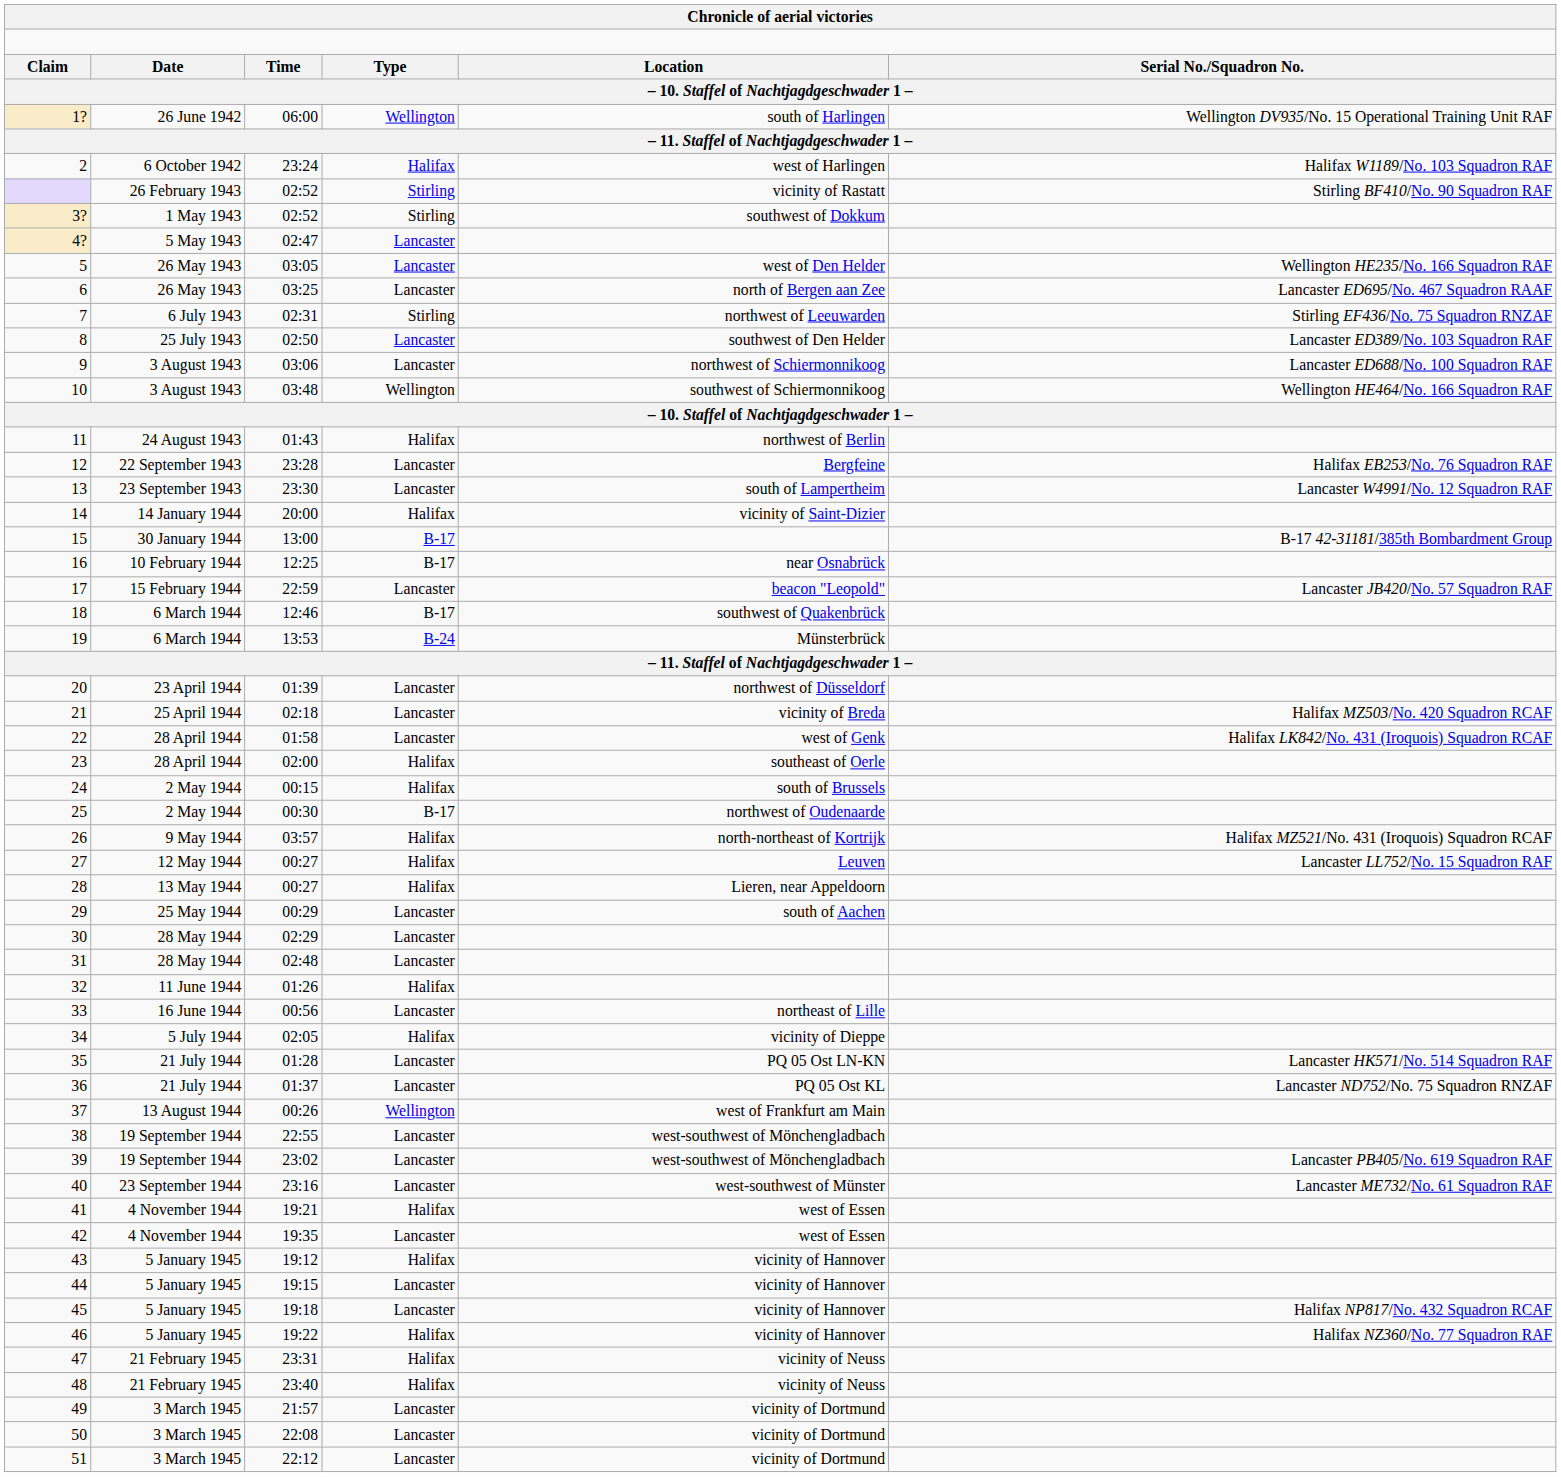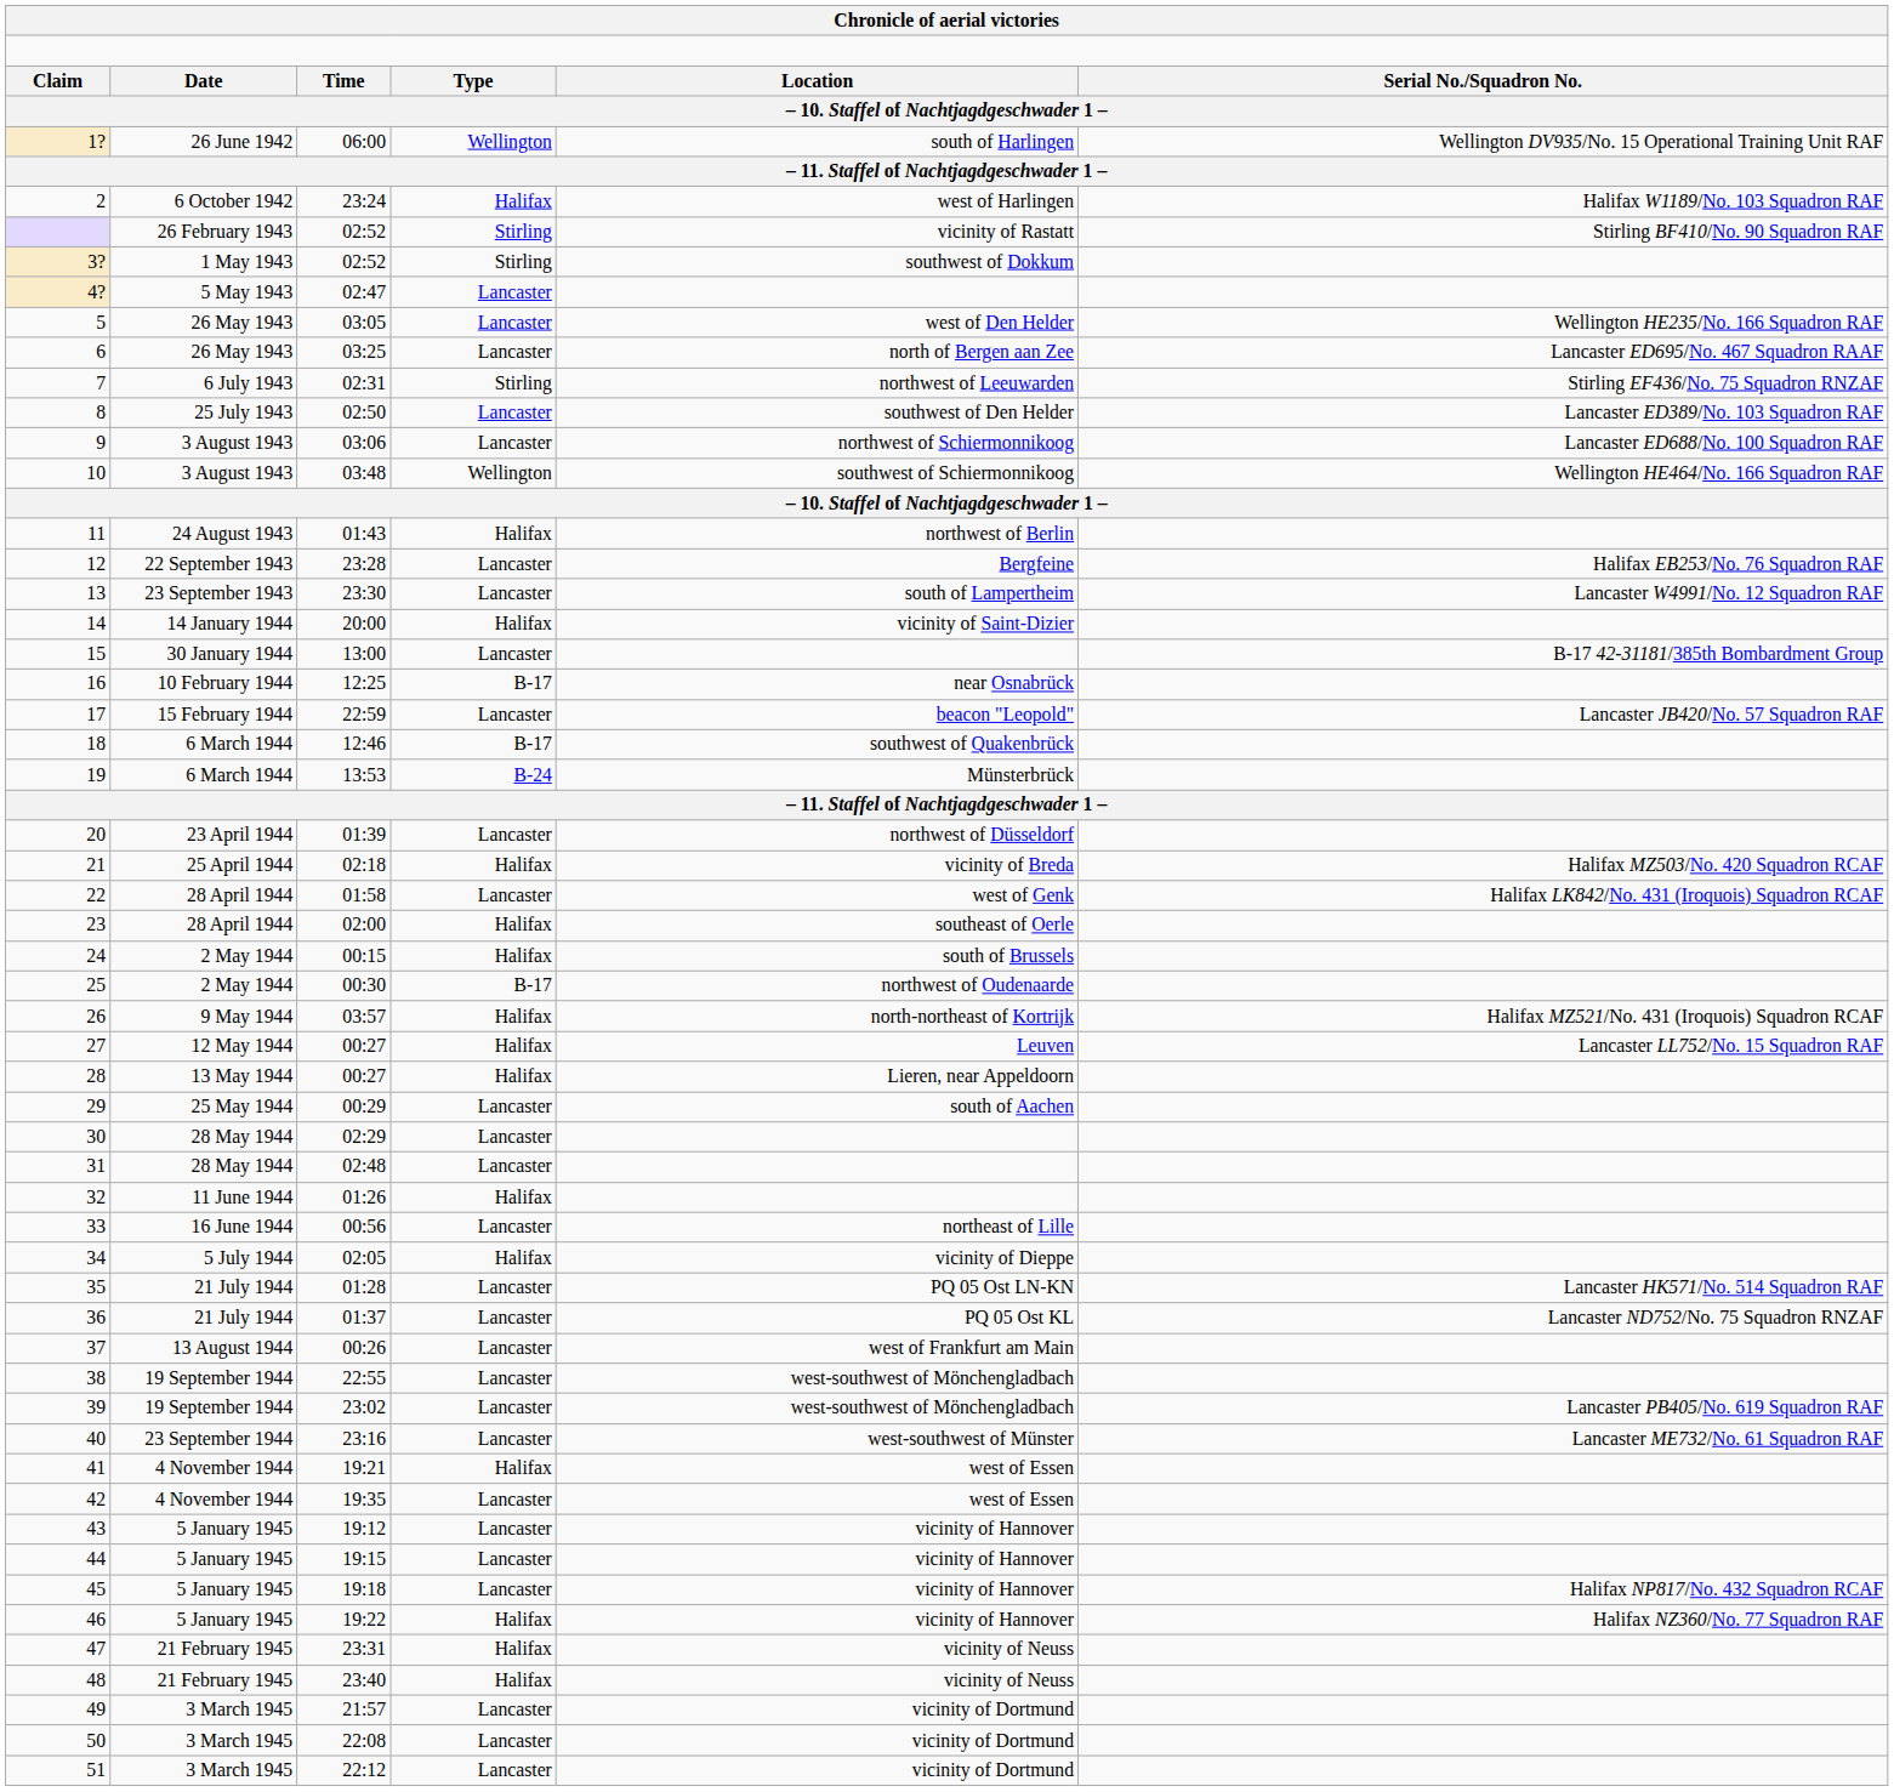 <table class="wikitable plainrowheaders collapsible" style="margin-left: auto; margin-right: auto; border: none; text-align:right; width: 100%;">
 <tr>
 <th colspan="6">Chronicle of aerial victories</th>
 </tr>
 <tr>
 <td colspan="6" style="text-align: left;"><br> </td>
 </tr>
 <tr>
 <th scope="col">Claim</th>
 <th scope="col" style="width:150px">Date</th>
 <th scope="col">Time</th>
 <th scope="col">Type</th>
 <th scope="col">Location</th>
 <th scope="col">Serial No./Squadron No.</th>
 </tr>
 <tr>
 <th colspan="6">– 10. <em>Staffel</em> of <em>Nachtjagdgeschwader</em> 1 –</th>
 </tr>
 <tr>
 <td style="background:#faecc8">1?</td>
 <td>26 June 1942</td>
 <td>06:00</td>
 <td><a href='#'>Wellington</a></td>
 <td>south of <a href='#'>Harlingen</a></td>
 <td>Wellington <em>DV935</em>/No. 15 Operational Training Unit RAF</td>
 </tr>
 <tr>
 <th colspan="6">– 11. <em>Staffel</em> of <em>Nachtjagdgeschwader</em> 1 –</th>
 </tr>
 <tr>
 <td>2</td>
 <td>6 October 1942</td>
 <td>23:24</td>
 <td><a href='#'>Halifax</a></td>
 <td> west of Harlingen</td>
 <td>Halifax <em>W1189</em>/<a href='#'>No. 103 Squadron RAF</a></td>
 </tr>
 <tr>
 <td style="background:#e3d9ff;"></td>
 <td>26 February 1943</td>
 <td>02:52</td>
 <td><a href='#'>Stirling</a></td>
 <td>vicinity of Rastatt</td>
 <td>Stirling <em>BF410</em>/<a href='#'>No. 90 Squadron RAF</a></td>
 </tr>
 <tr>
 <td style="background:#faecc8">3?</td>
 <td>1 May 1943</td>
 <td>02:52</td>
 <td>Stirling</td>
 <td> southwest of <a href='#'>Dokkum</a></td>
 <td></td>
 </tr>
 <tr>
 <td style="background:#faecc8">4?</td>
 <td>5 May 1943</td>
 <td>02:47</td>
 <td><a href='#'>Lancaster</a></td>
 <td></td>
 <td></td>
 </tr>
 <tr>
 <td>5</td>
 <td>26 May 1943</td>
 <td>03:05</td>
 <td><a href='#'>Lancaster</a></td>
 <td> west of <a href='#'>Den Helder</a></td>
 <td>Wellington <em>HE235</em>/<a href='#'>No. 166 Squadron RAF</a></td>
 </tr>
 <tr>
 <td>6</td>
 <td>26 May 1943</td>
 <td>03:25</td>
 <td>Lancaster</td>
 <td> north of <a href='#'>Bergen aan Zee</a></td>
 <td>Lancaster <em>ED695</em>/<a href='#'>No. 467 Squadron RAAF</a></td>
 </tr>
 <tr>
 <td>7</td>
 <td>6 July 1943</td>
 <td>02:31</td>
 <td>Stirling</td>
 <td> northwest of <a href='#'>Leeuwarden</a></td>
 <td>Stirling <em>EF436</em>/<a href='#'>No. 75 Squadron RNZAF</a></td>
 </tr>
 <tr>
 <td>8</td>
 <td>25 July 1943</td>
 <td>02:50</td>
 <td><a href='#'>Lancaster</a></td>
 <td> southwest of Den Helder</td>
 <td>Lancaster <em>ED389</em>/<a href='#'>No. 103 Squadron RAF</a></td>
 </tr>
 <tr>
 <td>9</td>
 <td>3 August 1943</td>
 <td>03:06</td>
 <td>Lancaster</td>
 <td> northwest of <a href='#'>Schiermonnikoog</a></td>
 <td>Lancaster <em>ED688</em>/<a href='#'>No. 100 Squadron RAF</a></td>
 </tr>
 <tr>
 <td>10</td>
 <td>3 August 1943</td>
 <td>03:48</td>
 <td>Wellington</td>
 <td> southwest of Schiermonnikoog</td>
 <td>Wellington <em>HE464</em>/<a href='#'>No. 166 Squadron RAF</a></td>
 </tr>
 <tr>
 <th colspan="6">– 10. <em>Staffel</em> of <em>Nachtjagdgeschwader</em> 1 –</th>
 </tr>
 <tr>
 <td>11</td>
 <td>24 August 1943</td>
 <td>01:43</td>
 <td>Halifax</td>
 <td>northwest of <a href='#'>Berlin</a></td>
 <td></td>
 </tr>
 <tr>
 <td>12</td>
 <td>22 September 1943</td>
 <td>23:28</td>
 <td>Lancaster</td>
 <td><a href='#'>Bergfeine</a></td>
 <td>Halifax <em>EB253</em>/<a href='#'>No. 76 Squadron RAF</a></td>
 </tr>
 <tr>
 <td>13</td>
 <td>23 September 1943</td>
 <td>23:30</td>
 <td>Lancaster</td>
 <td> south of <a href='#'>Lampertheim</a></td>
 <td>Lancaster <em>W4991</em>/<a href='#'>No. 12 Squadron RAF</a></td>
 </tr>
 <tr>
 <td>14</td>
 <td>14 January 1944</td>
 <td>20:00</td>
 <td>Halifax</td>
 <td>vicinity of <a href='#'>Saint-Dizier</a></td>
 <td></td>
 </tr>
 <tr>
 <td>15</td>
 <td>30 January 1944</td>
 <td>13:00</td>
-<td><a href='#'>B-17</a></td>
+<td>Lancaster</td>
 <td></td>
 <td>B-17 <em>42-31181</em>/<a href='#'>385th Bombardment Group</a></td>
 </tr>
 <tr>
 <td>16</td>
 <td>10 February 1944</td>
 <td>12:25</td>
 <td>B-17</td>
 <td>near <a href='#'>Osnabrück</a></td>
 <td></td>
 </tr>
 <tr>
 <td>17</td>
 <td>15 February 1944</td>
 <td>22:59</td>
 <td>Lancaster</td>
 <td><a href='#'>beacon "Leopold"</a></td>
 <td>Lancaster <em>JB420</em>/<a href='#'>No. 57 Squadron RAF</a></td>
 </tr>
 <tr>
 <td>18</td>
 <td>6 March 1944</td>
 <td>12:46</td>
 <td>B-17</td>
 <td> southwest of <a href='#'>Quakenbrück</a></td>
 <td></td>
 </tr>
 <tr>
 <td>19</td>
 <td>6 March 1944</td>
 <td>13:53</td>
 <td><a href='#'>B-24</a></td>
 <td>Münsterbrück</td>
 <td></td>
 </tr>
 <tr>
 <th colspan="6">– 11. <em>Staffel</em> of <em>Nachtjagdgeschwader</em> 1 –</th>
 </tr>
 <tr>
 <td>20</td>
 <td>23 April 1944</td>
 <td>01:39</td>
 <td>Lancaster</td>
 <td> northwest of <a href='#'>Düsseldorf</a></td>
 <td></td>
 </tr>
 <tr>
 <td>21</td>
 <td>25 April 1944</td>
 <td>02:18</td>
-<td>Lancaster</td>
+<td>Halifax</td>
 <td>vicinity of <a href='#'>Breda</a></td>
 <td>Halifax <em>MZ503</em>/<a href='#'>No. 420 Squadron RCAF</a></td>
 </tr>
 <tr>
 <td>22</td>
 <td>28 April 1944</td>
 <td>01:58</td>
 <td>Lancaster</td>
 <td> west of <a href='#'>Genk</a></td>
 <td>Halifax <em>LK842</em>/<a href='#'>No. 431 (Iroquois) Squadron RCAF</a></td>
 </tr>
 <tr>
 <td>23</td>
 <td>28 April 1944</td>
 <td>02:00</td>
 <td>Halifax</td>
 <td> southeast of <a href='#'>Oerle</a></td>
 <td></td>
 </tr>
 <tr>
 <td>24</td>
 <td>2 May 1944</td>
 <td>00:15</td>
 <td>Halifax</td>
 <td> south of <a href='#'>Brussels</a></td>
 <td></td>
 </tr>
 <tr>
 <td>25</td>
 <td>2 May 1944</td>
 <td>00:30</td>
 <td>B-17</td>
 <td> northwest of <a href='#'>Oudenaarde</a></td>
 <td></td>
 </tr>
 <tr>
 <td>26</td>
 <td>9 May 1944</td>
 <td>03:57</td>
 <td>Halifax</td>
 <td> north-northeast of <a href='#'>Kortrijk</a></td>
 <td>Halifax <em>MZ521</em>/No. 431 (Iroquois) Squadron RCAF</td>
 </tr>
 <tr>
 <td>27</td>
 <td>12 May 1944</td>
 <td>00:27</td>
 <td>Halifax</td>
 <td><a href='#'>Leuven</a></td>
 <td>Lancaster <em>LL752</em>/<a href='#'>No. 15 Squadron RAF</a></td>
 </tr>
 <tr>
 <td>28</td>
 <td>13 May 1944</td>
 <td>00:27</td>
 <td>Halifax</td>
 <td>Lieren, near Appeldoorn</td>
 <td></td>
 </tr>
 <tr>
 <td>29</td>
 <td>25 May 1944</td>
 <td>00:29</td>
 <td>Lancaster</td>
 <td> south of <a href='#'>Aachen</a></td>
 <td></td>
 </tr>
 <tr>
 <td>30</td>
 <td>28 May 1944</td>
 <td>02:29</td>
 <td>Lancaster</td>
 <td></td>
 <td></td>
 </tr>
 <tr>
 <td>31</td>
 <td>28 May 1944</td>
 <td>02:48</td>
 <td>Lancaster</td>
 <td></td>
 <td></td>
 </tr>
 <tr>
 <td>32</td>
 <td>11 June 1944</td>
 <td>01:26</td>
 <td>Halifax</td>
 <td></td>
 <td></td>
 </tr>
 <tr>
 <td>33</td>
 <td>16 June 1944</td>
 <td>00:56</td>
 <td>Lancaster</td>
 <td> northeast of <a href='#'>Lille</a></td>
 <td></td>
 </tr>
 <tr>
 <td>34</td>
 <td>5 July 1944</td>
 <td>02:05</td>
 <td>Halifax</td>
 <td>vicinity of Dieppe</td>
 <td></td>
 </tr>
 <tr>
 <td>35</td>
 <td>21 July 1944</td>
 <td>01:28</td>
 <td>Lancaster</td>
 <td>PQ 05 Ost LN-KN</td>
 <td>Lancaster <em>HK571</em>/<a href='#'>No. 514 Squadron RAF</a></td>
 </tr>
 <tr>
 <td>36</td>
 <td>21 July 1944</td>
 <td>01:37</td>
 <td>Lancaster</td>
 <td>PQ 05 Ost KL</td>
 <td>Lancaster <em>ND752</em>/No. 75 Squadron RNZAF</td>
 </tr>
 <tr>
 <td>37</td>
 <td>13 August 1944</td>
 <td>00:26</td>
-<td><a href='#'>Wellington</a></td>
+<td>Lancaster</td>
 <td>west of Frankfurt am Main</td>
 <td></td>
 </tr>
 <tr>
 <td>38</td>
 <td>19 September 1944</td>
 <td>22:55</td>
 <td>Lancaster</td>
 <td>west-southwest of Mönchengladbach</td>
 <td></td>
 </tr>
 <tr>
 <td>39</td>
 <td>19 September 1944</td>
 <td>23:02</td>
 <td>Lancaster</td>
 <td>west-southwest of Mönchengladbach</td>
 <td>Lancaster <em>PB405</em>/<a href='#'>No. 619 Squadron RAF</a></td>
 </tr>
 <tr>
 <td>40</td>
 <td>23 September 1944</td>
 <td>23:16</td>
 <td>Lancaster</td>
 <td>west-southwest of Münster</td>
 <td>Lancaster <em>ME732</em>/<a href='#'>No. 61 Squadron RAF</a></td>
 </tr>
 <tr>
 <td>41</td>
 <td>4 November 1944</td>
 <td>19:21</td>
 <td>Halifax</td>
 <td>west of Essen</td>
 <td></td>
 </tr>
 <tr>
 <td>42</td>
 <td>4 November 1944</td>
 <td>19:35</td>
 <td>Lancaster</td>
 <td>west of Essen</td>
 <td></td>
 </tr>
 <tr>
 <td>43</td>
 <td>5 January 1945</td>
 <td>19:12</td>
-<td>Halifax</td>
+<td>Lancaster</td>
 <td>vicinity of Hannover</td>
 <td></td>
 </tr>
 <tr>
 <td>44</td>
 <td>5 January 1945</td>
 <td>19:15</td>
 <td>Lancaster</td>
 <td>vicinity of Hannover</td>
 <td></td>
 </tr>
 <tr>
 <td>45</td>
 <td>5 January 1945</td>
 <td>19:18</td>
 <td>Lancaster</td>
 <td>vicinity of Hannover</td>
 <td>Halifax <em>NP817</em>/<a href='#'>No. 432 Squadron RCAF</a></td>
 </tr>
 <tr>
 <td>46</td>
 <td>5 January 1945</td>
 <td>19:22</td>
 <td>Halifax</td>
 <td>vicinity of Hannover</td>
 <td>Halifax <em>NZ360</em>/<a href='#'>No. 77 Squadron RAF</a></td>
 </tr>
 <tr>
 <td>47</td>
 <td>21 February 1945</td>
 <td>23:31</td>
 <td>Halifax</td>
 <td>vicinity of Neuss</td>
 <td></td>
 </tr>
 <tr>
 <td>48</td>
 <td>21 February 1945</td>
 <td>23:40</td>
 <td>Halifax</td>
 <td>vicinity of Neuss</td>
 <td></td>
 </tr>
 <tr>
 <td>49</td>
 <td>3 March 1945</td>
 <td>21:57</td>
 <td>Lancaster</td>
 <td>vicinity of Dortmund</td>
 <td></td>
 </tr>
 <tr>
 <td>50</td>
 <td>3 March 1945</td>
 <td>22:08</td>
 <td>Lancaster</td>
 <td>vicinity of Dortmund</td>
 <td></td>
 </tr>
 <tr>
 <td>51</td>
 <td>3 March 1945</td>
 <td>22:12</td>
 <td>Lancaster</td>
 <td>vicinity of Dortmund</td>
 <td></td>
 </tr>
 </table>
